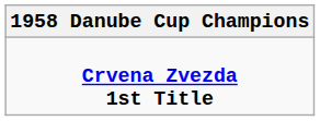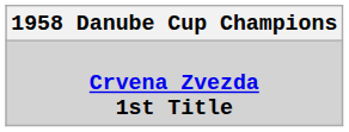 <table class=wikitable style="text-align:center; margin:auto">
 <tr>
 <th>1958 Danube Cup Champions</th>
 </tr>
 <tr>
-<td> <br> <strong><a href='#'>Crvena Zvezda</a></strong> <br> <strong>1st Title</strong></td>
+<td style="background: lightgrey;"> <br> <strong><a href='#'>Crvena Zvezda</a></strong> <br> <strong>1st Title</strong></td>
 </tr>
 </table>
